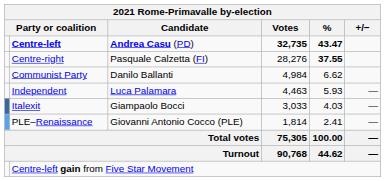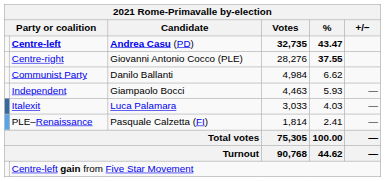 <table class = "wikitable" style="font-size:99%;">
 <tr>
 <td colspan=6 style = "background-color:#F2F2F2; text-align:center;"><strong>2021 Rome-Primavalle by-election</strong></td>
 </tr>
 <tr>
 <th style = "width: 160px;" colspan=2>Party or coalition</th>
 <th style = "width: 240px;">Candidate</th>
 <th style = "width: 70px;">Votes</th>
 <th style = "width: 50px;">%</th>
 <th style = "width: 50px;">+/−</th>
 </tr>
 <tr>
 <td style="background-color:"></td>
 <td><strong><a href='#'>Centre-left</a></strong></td>
 <td><strong><a href='#'>Andrea Casu</a></strong> (<a href='#'>PD</a>)</td>
 <td style = "text-align:right;"><strong>32,735</strong></td>
 <td style = "text-align:right;"><strong>43.47</strong></td>
 <td style = "text-align:right;"></td>
 </tr>
 <tr>
 <td style="background-color:"></td>
 <td><a href='#'>Centre-right</a></td>
-<td>Pasquale Calzetta (<a href='#'>FI</a>)</td>
+<td>Giovanni Antonio Cocco (PLE)</td>
 <td style="text-align:right;">28,276</td>
 <td style="text-align:right;"><strong>37.55</strong></td>
 <td style="text-align:right;"></td>
 </tr>
 <tr>
 <td style="background-color:"></td>
 <td><a href='#'>Communist Party</a></td>
 <td>Danilo Ballanti</td>
 <td style="text-align:right;">4,984</td>
 <td style="text-align:right;">6.62</td>
 <td style="text-align:right;"></td>
 </tr>
 <tr>
 <td></td>
 <td><a href='#'>Independent</a></td>
-<td><a href='#'>Luca Palamara</a></td>
+<td>Giampaolo Bocci</td>
 <td style = "text-align:right;">4,463</td>
 <td style = "text-align:right;">5.93</td>
 <td style = "text-align:right;">—</td>
 </tr>
 <tr>
 <td bgcolor="#366A9F"></td>
 <td><a href='#'>Italexit</a></td>
-<td>Giampaolo Bocci</td>
+<td><a href='#'>Luca Palamara</a></td>
 <td style = "text-align:right;">3,033</td>
 <td style = "text-align:right;">4.03</td>
 <td style = "text-align:right;">—</td>
 </tr>
 <tr>
 <td bgcolor="#56A5EC"></td>
 <td>PLE–<a href='#'>Renaissance</a></td>
-<td>Giovanni Antonio Cocco (PLE)</td>
+<td>Pasquale Calzetta (<a href='#'>FI</a>)</td>
 <td style = "text-align:right;">1,814</td>
 <td style = "text-align:right;">2.41</td>
 <td style = "text-align:right;">—</td>
 </tr>
 <tr>
 <td colspan=3 style = "background-color:#F2F2F2; text-align:right;"><strong>Total votes</strong></td>
 <td style = "background-color:#F2F2F2; text-align:right;"><strong>75,305</strong></td>
 <td style = "background-color:#F2F2F2; text-align:right;"><strong>100.00</strong></td>
 <td style = "background-color:#F2F2F2; text-align:right;"><strong>—</strong></td>
 </tr>
 <tr>
 <td colspan=3 style = "background-color:#F2F2F2; text-align:right;"><strong>Turnout</strong></td>
 <td style = "background-color:#F2F2F2; text-align:right;"><strong>90,768</strong></td>
 <td style = "background-color:#F2F2F2; text-align:right;"><strong>44.62</strong></td>
 <td style = "background-color:#F2F2F2; text-align:right;"><strong>—</strong></td>
 </tr>
 <tr>
 <td style="background-color:"></td>
 <td colspan=5 style = "text-align:left;"><a href='#'>Centre-left</a> <strong>gain</strong> from <a href='#'>Five Star Movement</a></td>
 </tr>
 </table>
